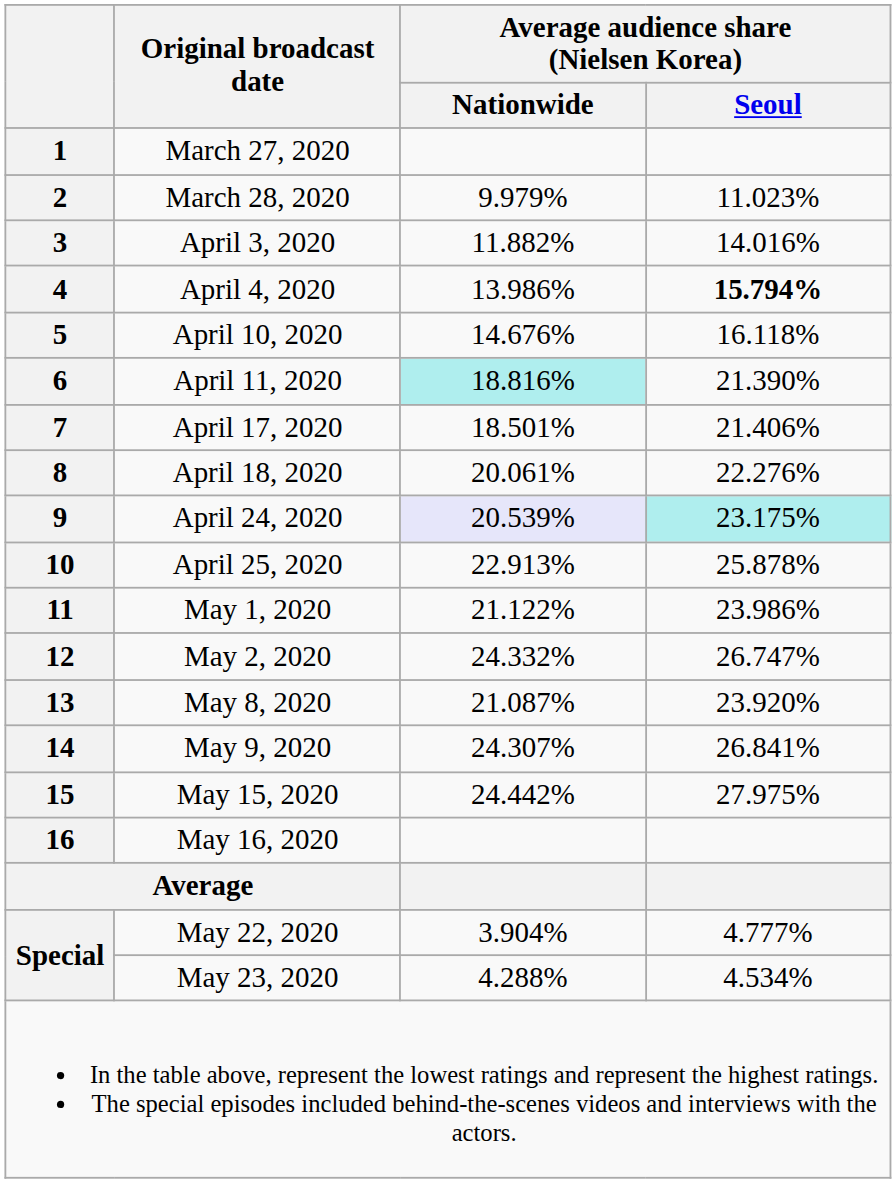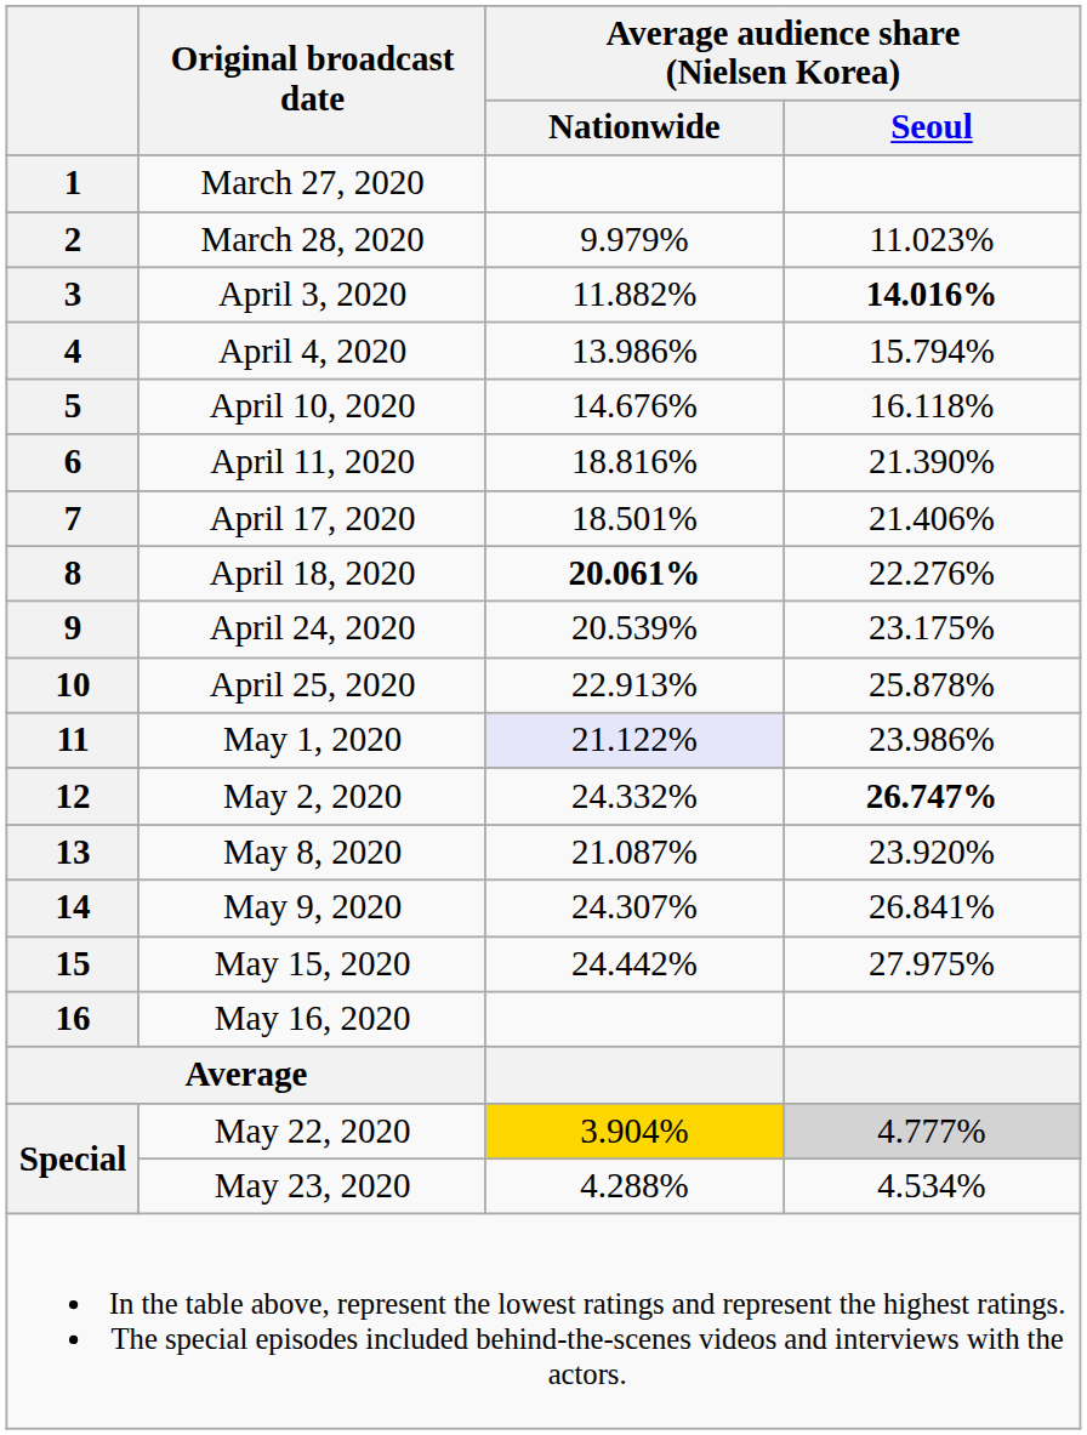 <table class="wikitable" style="text-align:center;max-width:490px; margin-left: auto; margin-right: auto; border: none">
 <tr>
 </tr>
 <tr>
 <th rowspan="2"></th>
 <th rowspan="2">Original broadcast date</th>
 <th colspan="2">Average audience share<br>(Nielsen Korea)</th>
 </tr>
 <tr>
 <th scope="col" style="width:8em">Nationwide</th>
 <th scope="col" style="width:8em"><a href='#'>Seoul</a></th>
 </tr>
 <tr>
 <th>1</th>
 <td>March 27, 2020</td>
 <td> </td>
 <td> </td>
 </tr>
 <tr>
 <th>2</th>
 <td>March 28, 2020</td>
 <td>9.979% </td>
 <td>11.023% </td>
 </tr>
 <tr>
 <th>3</th>
 <td>April 3, 2020</td>
 <td>11.882% </td>
-<td>14.016% </td>
+<td><strong>14.016% </strong></td>
 </tr>
 <tr>
 <th>4</th>
 <td>April 4, 2020</td>
 <td>13.986% </td>
-<td><strong>15.794% </strong></td>
+<td>15.794% </td>
 </tr>
 <tr>
 <th>5</th>
 <td>April 10, 2020</td>
 <td>14.676% </td>
 <td>16.118% </td>
 </tr>
 <tr>
 <th>6</th>
 <td>April 11, 2020</td>
-<td style="background: paleturquoise;">18.816% </td>
+<td>18.816% </td>
 <td>21.390% </td>
 </tr>
 <tr>
 <th>7</th>
 <td>April 17, 2020</td>
 <td>18.501% </td>
 <td>21.406% </td>
 </tr>
 <tr>
 <th>8</th>
 <td>April 18, 2020</td>
-<td>20.061% </td>
+<td><strong>20.061% </strong></td>
 <td>22.276% </td>
 </tr>
 <tr>
 <th>9</th>
 <td>April 24, 2020</td>
-<td style="background: lavender;">20.539% </td>
-<td style="background: paleturquoise;">23.175% </td>
+<td>20.539% </td>
+<td>23.175% </td>
 </tr>
 <tr>
 <th>10</th>
 <td>April 25, 2020</td>
 <td>22.913% </td>
 <td>25.878% </td>
 </tr>
 <tr>
 <th>11</th>
 <td>May 1, 2020</td>
-<td>21.122% </td>
+<td style="background: lavender;">21.122% </td>
 <td>23.986% </td>
 </tr>
 <tr>
 <th>12</th>
 <td>May 2, 2020</td>
 <td>24.332% </td>
-<td>26.747% </td>
+<td><strong>26.747% </strong></td>
 </tr>
 <tr>
 <th>13</th>
 <td>May 8, 2020</td>
 <td>21.087% </td>
 <td>23.920% </td>
 </tr>
 <tr>
 <th>14</th>
 <td>May 9, 2020</td>
 <td>24.307% </td>
 <td>26.841% </td>
 </tr>
 <tr>
 <th>15</th>
 <td>May 15, 2020</td>
 <td>24.442% </td>
 <td>27.975% </td>
 </tr>
 <tr>
 <th>16</th>
 <td>May 16, 2020</td>
 <td> </td>
 <td> </td>
 </tr>
 <tr>
 <th colspan="2">Average</th>
 <th></th>
 <th></th>
 </tr>
 <tr>
 <th rowspan="2">Special</th>
 <td>May 22, 2020</td>
-<td>3.904%</td>
-<td>4.777%</td>
+<td style="background: gold;">3.904%</td>
+<td style="background: lightgrey;">4.777%</td>
 </tr>
 <tr>
 <td>May 23, 2020</td>
 <td>4.288%</td>
 <td>4.534%</td>
 </tr>
 <tr>
 <td colspan="4" style="font-size:85%"><br><ul><li>In the table above,  represent the lowest ratings and  represent the highest ratings.</li><li>The special episodes included behind-the-scenes videos and interviews with the actors.</li></ul></td>
 </tr>
 </table>
